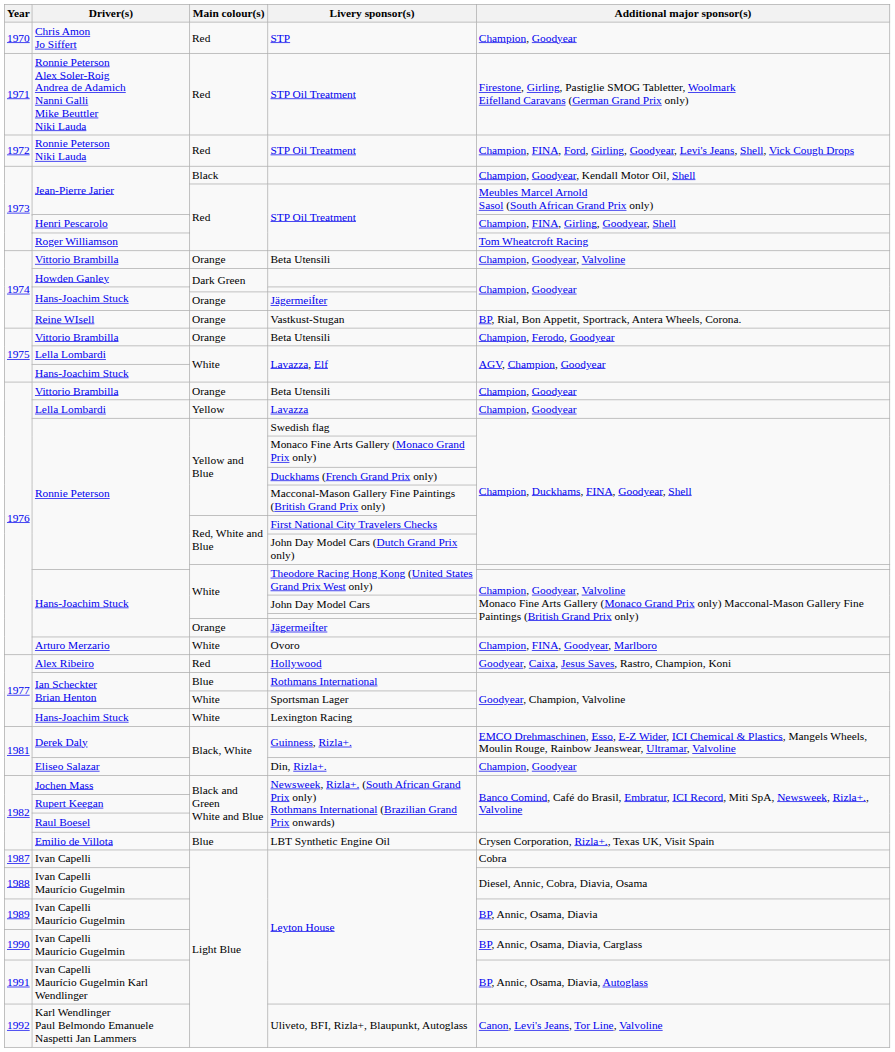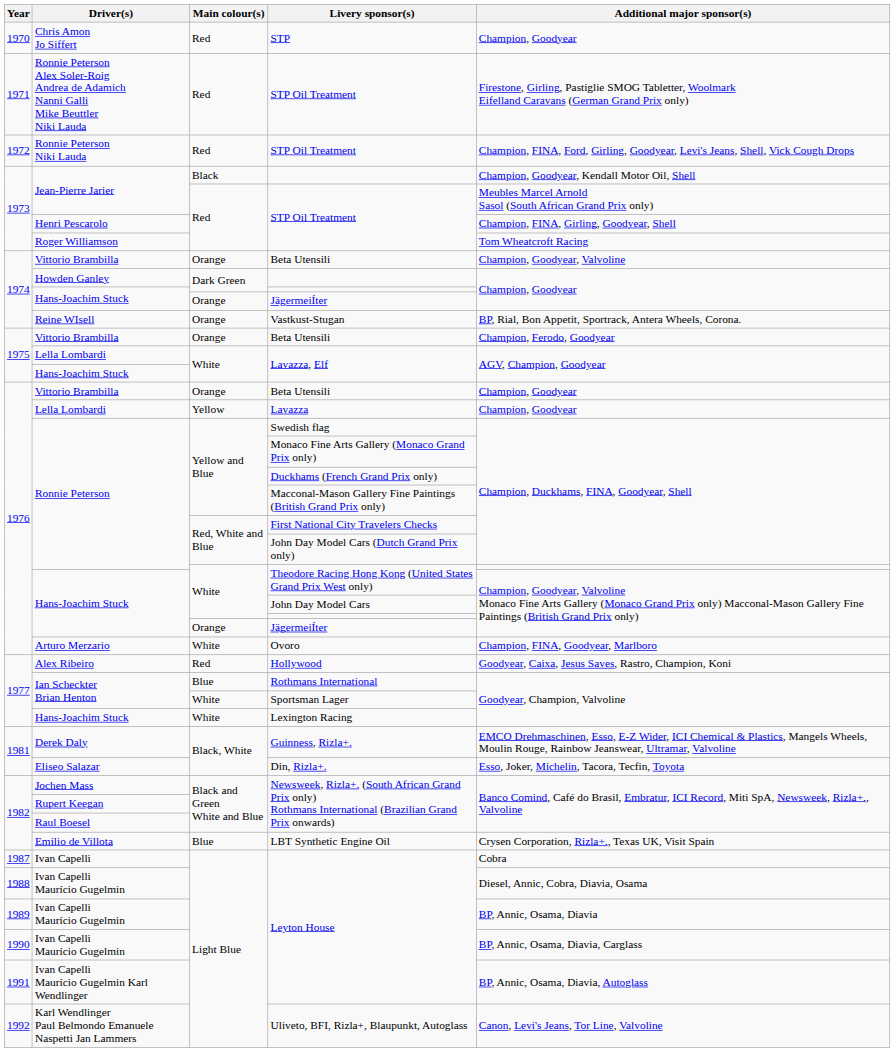 <table class="wikitable">
 <tr>
 <th>Year</th>
 <th>Driver(s)</th>
 <th>Main colour(s)</th>
 <th>Livery sponsor(s)</th>
 <th>Additional major sponsor(s)</th>
 </tr>
 <tr>
 <td><a href='#'>1970</a></td>
 <td><a href='#'>Chris Amon</a><br><a href='#'>Jo Siffert</a></td>
 <td>Red</td>
 <td><a href='#'>STP</a></td>
 <td><a href='#'>Champion</a>, <a href='#'>Goodyear</a></td>
 </tr>
 <tr>
 <td><a href='#'>1971</a></td>
 <td><a href='#'>Ronnie Peterson</a><br><a href='#'>Alex Soler-Roig</a><br><a href='#'>Andrea de Adamich</a><br><a href='#'>Nanni Galli</a><br><a href='#'>Mike Beuttler</a><br><a href='#'>Niki Lauda</a></td>
 <td>Red</td>
 <td><a href='#'>STP Oil Treatment</a></td>
 <td><a href='#'>Firestone</a>, <a href='#'>Girling</a>, Pastiglie SMOG Tabletter, <a href='#'>Woolmark</a><br><a href='#'>Eifelland Caravans</a> (<a href='#'>German Grand Prix</a> only)</td>
 </tr>
 <tr>
 <td><a href='#'>1972</a></td>
 <td><a href='#'>Ronnie Peterson</a><br><a href='#'>Niki Lauda</a></td>
 <td>Red</td>
 <td><a href='#'>STP Oil Treatment</a></td>
 <td><a href='#'>Champion</a>, <a href='#'>FINA</a>, <a href='#'>Ford</a>, <a href='#'>Girling</a>, <a href='#'>Goodyear</a>, <a href='#'>Levi's Jeans</a>, <a href='#'>Shell</a>, <a href='#'>Vick Cough Drops</a></td>
 </tr>
 <tr>
 <td rowspan="6"><a href='#'>1973</a></td>
 <td rowspan="3"><a href='#'>Jean-Pierre Jarier</a></td>
 <td>Black</td>
 <td></td>
 <td><a href='#'>Champion</a>, <a href='#'>Goodyear</a>, Kendall Motor Oil, <a href='#'>Shell</a></td>
 </tr>
 <tr>
 <td rowspan="5">Red</td>
 <td rowspan="5"><a href='#'>STP Oil Treatment</a></td>
 <td><a href='#'>Meubles Marcel Arnold</a><br><a href='#'>Sasol</a> (<a href='#'>South African Grand Prix</a> only)</td>
 </tr>
 <tr>
 <td rowspan="3"><a href='#'>Champion</a>, <a href='#'>FINA</a>, <a href='#'>Girling</a>, <a href='#'>Goodyear</a>, <a href='#'>Shell</a></td>
 </tr>
 <tr>
 <td><a href='#'>Henri Pescarolo</a></td>
 </tr>
 <tr>
 <td rowspan="2"><a href='#'>Roger Williamson</a></td>
 </tr>
 <tr>
 <td><a href='#'>Tom Wheatcroft Racing</a></td>
 </tr>
 <tr>
 <td rowspan="6"><a href='#'>1974</a></td>
 <td><a href='#'>Vittorio Brambilla</a></td>
 <td>Orange</td>
 <td>Beta Utensili</td>
 <td><a href='#'>Champion</a>, <a href='#'>Goodyear</a>, <a href='#'>Valvoline</a></td>
 </tr>
 <tr>
 <td><a href='#'>Howden Ganley</a></td>
 <td rowspan="3">Dark Green</td>
 <td rowspan="2"></td>
 <td rowspan="4"><a href='#'>Champion</a>, <a href='#'>Goodyear</a></td>
 </tr>
 <tr>
 <td rowspan="3"><a href='#'>Hans-Joachim Stuck</a></td>
 </tr>
 <tr>
 <td></td>
 </tr>
 <tr>
 <td>Orange</td>
 <td><a href='#'>JägermeiÍter</a></td>
 </tr>
 <tr>
 <td><a href='#'>Reine WIsell</a></td>
 <td>Orange</td>
 <td>Vastkust-Stugan</td>
 <td><a href='#'>BP</a>, Rial, Bon Appetit, Sportrack, Antera Wheels, Corona.</td>
 </tr>
 <tr>
 <td rowspan="3"><a href='#'>1975</a></td>
 <td><a href='#'>Vittorio Brambilla</a></td>
 <td>Orange</td>
 <td>Beta Utensili</td>
 <td><a href='#'>Champion</a>, <a href='#'>Ferodo</a>, <a href='#'>Goodyear</a></td>
 </tr>
 <tr>
 <td><a href='#'>Lella Lombardi</a></td>
 <td rowspan="2">White</td>
 <td rowspan="2"><a href='#'>Lavazza</a>, <a href='#'>Elf</a></td>
 <td rowspan="2"><a href='#'>AGV</a>, <a href='#'>Champion</a>, <a href='#'>Goodyear</a></td>
 </tr>
 <tr>
 <td><a href='#'>Hans-Joachim Stuck</a></td>
 </tr>
 <tr>
 <td rowspan="14"><a href='#'>1976</a></td>
 <td><a href='#'>Vittorio Brambilla</a></td>
 <td>Orange</td>
 <td>Beta Utensili</td>
 <td><a href='#'>Champion</a>, <a href='#'>Goodyear</a></td>
 </tr>
 <tr>
 <td><a href='#'>Lella Lombardi</a></td>
 <td>Yellow</td>
 <td><a href='#'>Lavazza</a></td>
 <td><a href='#'>Champion</a>, <a href='#'>Goodyear</a></td>
 </tr>
 <tr>
 <td rowspan="7"><a href='#'>Ronnie Peterson</a></td>
 <td rowspan="4">Yellow and Blue</td>
 <td>Swedish flag</td>
 <td rowspan="6"><br><a href='#'>Champion</a>, <a href='#'>Duckhams</a>, <a href='#'>FINA</a>, <a href='#'>Goodyear</a>, <a href='#'>Shell</a><br><br></td>
 </tr>
 <tr>
 <td>Monaco Fine Arts Gallery (<a href='#'>Monaco Grand Prix</a> only)</td>
 </tr>
 <tr>
 <td><a href='#'>Duckhams</a> (<a href='#'>French Grand Prix</a> only)</td>
 </tr>
 <tr>
 <td>Macconal-Mason Gallery Fine Paintings (<a href='#'>British Grand Prix</a> only)</td>
 </tr>
 <tr>
 <td rowspan="2">Red, White and Blue</td>
 <td><a href='#'>First National City Travelers Checks</a></td>
 </tr>
 <tr>
 <td>John Day Model Cars (<a href='#'>Dutch Grand Prix</a> only)</td>
 </tr>
 <tr>
 <td rowspan="4">White</td>
 <td rowspan="2"><a href='#'>Theodore Racing Hong Kong</a> (<a href='#'>United States Grand Prix West</a> only)</td>
 <td></td>
 </tr>
 <tr>
 <td rowspan="4"><a href='#'>Hans-Joachim Stuck</a></td>
 <td rowspan="4"><a href='#'>Champion</a>, <a href='#'>Goodyear</a>, <a href='#'>Valvoline</a><br>Monaco Fine Arts Gallery (<a href='#'>Monaco Grand Prix</a> only) Macconal-Mason Gallery Fine Paintings (<a href='#'>British Grand Prix</a> only)</td>
 </tr>
 <tr>
 <td>John Day Model Cars</td>
 </tr>
 <tr>
 <td></td>
 </tr>
 <tr>
 <td>Orange</td>
 <td><a href='#'>JägermeiÍter</a></td>
 </tr>
 <tr>
 <td><a href='#'>Arturo Merzario</a></td>
 <td>White</td>
 <td>Ovoro</td>
 <td><a href='#'>Champion</a>, <a href='#'>FINA</a>, <a href='#'>Goodyear</a>, <a href='#'>Marlboro</a></td>
 </tr>
 <tr>
 <td rowspan="4"><a href='#'>1977</a></td>
 <td><a href='#'>Alex Ribeiro</a></td>
 <td>Red</td>
 <td><a href='#'>Hollywood</a></td>
 <td><a href='#'>Goodyear</a>, <a href='#'>Caixa</a>, <a href='#'>Jesus Saves</a>, Rastro, Champion, Koni</td>
 </tr>
 <tr>
 <td rowspan="2"><a href='#'>Ian Scheckter</a><br><a href='#'>Brian Henton</a></td>
 <td>Blue</td>
 <td><a href='#'>Rothmans International</a></td>
 <td rowspan="3"><a href='#'>Goodyear</a>, Champion, Valvoline</td>
 </tr>
 <tr>
 <td>White</td>
 <td>Sportsman Lager</td>
 </tr>
 <tr>
 <td><a href='#'>Hans-Joachim Stuck</a></td>
 <td>White</td>
 <td>Lexington Racing</td>
 </tr>
 <tr>
 <td rowspan="2"><a href='#'>1981</a></td>
 <td><a href='#'>Derek Daly</a></td>
 <td rowspan="2">Black, White</td>
 <td><a href='#'>Guinness</a>, <a href='#'>Rizla+.</a></td>
 <td><a href='#'>EMCO Drehmaschinen</a>, <a href='#'>Esso</a>, <a href='#'>E-Z Wider</a>, <a href='#'>ICI Chemical & Plastics</a>, Mangels Wheels, Moulin Rouge, Rainbow Jeanswear, <a href='#'>Ultramar</a>, <a href='#'>Valvoline</a></td>
 </tr>
 <tr>
 <td><a href='#'>Eliseo Salazar</a></td>
 <td>Din, <a href='#'>Rizla+.</a></td>
-<td><a href='#'>Champion</a>, <a href='#'>Goodyear</a></td>
+<td><a href='#'>Esso</a>, Joker, <a href='#'>Michelin</a>, Tacora, Tecfin, <a href='#'>Toyota</a></td>
 </tr>
 <tr>
 <td rowspan="4"><a href='#'>1982</a></td>
 <td><a href='#'>Jochen Mass</a></td>
 <td rowspan="3">Black and Green<br>White and Blue</td>
 <td rowspan="3"><a href='#'>Newsweek</a>, <a href='#'>Rizla+.</a> (<a href='#'>South African Grand Prix</a> only)<br><a href='#'>Rothmans International</a> (<a href='#'>Brazilian Grand Prix</a> onwards)</td>
 <td rowspan="3"><a href='#'>Banco Comind</a>, Café do Brasil, <a href='#'>Embratur</a>, <a href='#'>ICI Record</a>, Miti SpA, <a href='#'>Newsweek</a>, <a href='#'>Rizla+.</a>, <a href='#'>Valvoline</a></td>
 </tr>
 <tr>
 <td><a href='#'>Rupert Keegan</a></td>
 </tr>
 <tr>
 <td><a href='#'>Raul Boesel</a></td>
 </tr>
 <tr>
 <td><a href='#'>Emilio de Villota</a></td>
 <td>Blue</td>
 <td>LBT Synthetic Engine Oil</td>
 <td>Crysen Corporation, <a href='#'>Rizla+.</a>, Texas UK, Visit Spain</td>
 </tr>
 <tr>
 <td><a href='#'>1987</a></td>
 <td>Ivan Capelli</td>
 <td rowspan="6">Light Blue</td>
 <td rowspan="5"><a href='#'>Leyton House</a></td>
 <td>Cobra</td>
 </tr>
 <tr>
 <td><a href='#'>1988</a></td>
 <td>Ivan Capelli<br>Maurício Gugelmin</td>
 <td>Diesel, Annic, Cobra, Diavia, Osama</td>
 </tr>
 <tr>
 <td><a href='#'>1989</a></td>
 <td>Ivan Capelli<br>Maurício Gugelmin</td>
 <td><a href='#'>BP</a>, Annic, Osama, Diavia</td>
 </tr>
 <tr>
 <td><a href='#'>1990</a></td>
 <td>Ivan Capelli<br>Maurício Gugelmin</td>
 <td><a href='#'>BP</a>, Annic, Osama, Diavia, Carglass</td>
 </tr>
 <tr>
 <td><a href='#'>1991</a></td>
 <td>Ivan Capelli<br>Maurício Gugelmin Karl Wendlinger</td>
 <td><a href='#'>BP</a>, Annic, Osama, Diavia, <a href='#'>Autoglass</a></td>
 </tr>
 <tr>
 <td><a href='#'>1992</a></td>
 <td>Karl Wendlinger<br>Paul Belmondo Emanuele Naspetti Jan Lammers</td>
 <td>Uliveto, BFI, Rizla+, Blaupunkt, Autoglass</td>
 <td><a href='#'>Canon</a>, <a href='#'>Levi's Jeans</a>, <a href='#'>Tor Line</a>, <a href='#'>Valvoline</a></td>
 </tr>
 </table>
